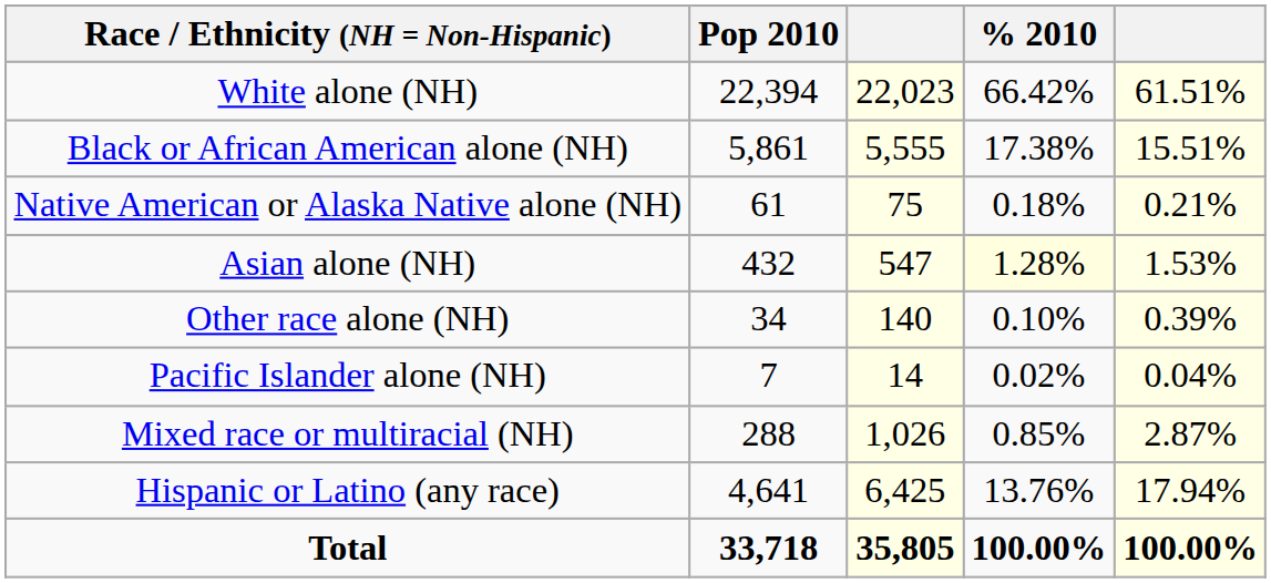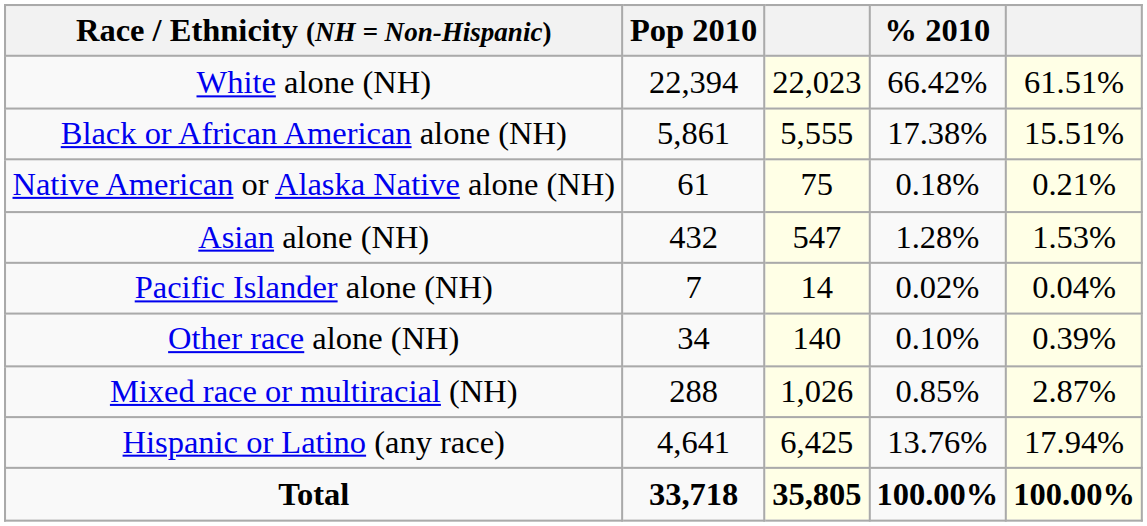 <table class="wikitable" style="text-align:center;">
 <tr>
 <th>Race / Ethnicity <small>(<em>NH = Non-Hispanic</em>)</small></th>
 <th>Pop 2010</th>
 <th></th>
 <th>% 2010</th>
 <th></th>
 </tr>
 <tr>
 <td><a href='#'>White</a> alone (NH)</td>
 <td>22,394</td>
 <td style='background: #ffffe6;'>22,023</td>
 <td>66.42%</td>
 <td style='background: #ffffe6;'>61.51%</td>
 </tr>
 <tr>
 <td><a href='#'>Black or African American</a> alone (NH)</td>
 <td>5,861</td>
 <td style='background: #ffffe6;'>5,555</td>
 <td>17.38%</td>
 <td style='background: #ffffe6;'>15.51%</td>
 </tr>
 <tr>
 <td><a href='#'>Native American</a> or <a href='#'>Alaska Native</a> alone (NH)</td>
 <td>61</td>
 <td style='background: #ffffe6;'>75</td>
 <td>0.18%</td>
 <td style='background: #ffffe6;'>0.21%</td>
 </tr>
 <tr>
 <td><a href='#'>Asian</a> alone (NH)</td>
 <td>432</td>
 <td style='background: #ffffe6;'>547</td>
-<td style="background: lightyellow;">1.28%</td>
+<td>1.28%</td>
 <td style='background: #ffffe6;'>1.53%</td>
+</tr>
+<tr>
+<td><a href='#'>Pacific Islander</a> alone (NH)</td>
+<td>7</td>
+<td style='background: #ffffe6;'>14</td>
+<td>0.02%</td>
+<td style='background: #ffffe6;'>0.04%</td>
 </tr>
 <tr>
 <td><a href='#'>Other race</a> alone (NH)</td>
 <td>34</td>
 <td style='background: #ffffe6;'>140</td>
 <td>0.10%</td>
 <td style='background: #ffffe6;'>0.39%</td>
-</tr>
-<tr>
-<td><a href='#'>Pacific Islander</a> alone (NH)</td>
-<td>7</td>
-<td style='background: #ffffe6;'>14</td>
-<td>0.02%</td>
-<td style='background: #ffffe6;'>0.04%</td>
 </tr>
 <tr>
 <td><a href='#'>Mixed race or multiracial</a> (NH)</td>
 <td>288</td>
 <td style='background: #ffffe6;'>1,026</td>
 <td>0.85%</td>
 <td style='background: #ffffe6;'>2.87%</td>
 </tr>
 <tr>
 <td><a href='#'>Hispanic or Latino</a> (any race)</td>
 <td>4,641</td>
 <td style='background: #ffffe6;'>6,425</td>
 <td>13.76%</td>
 <td style='background: #ffffe6;'>17.94%</td>
 </tr>
 <tr>
 <td><strong>Total</strong></td>
 <td><strong>33,718</strong></td>
 <td style='background: #ffffe6;'><strong>35,805</strong></td>
 <td><strong>100.00%</strong></td>
 <td style='background: #ffffe6;'><strong>100.00%</strong></td>
 </tr>
 </table>
